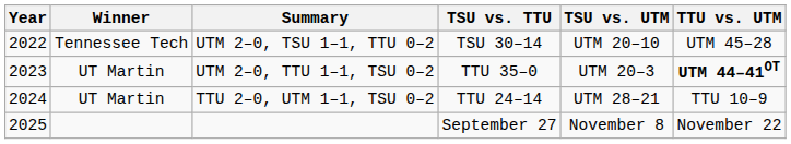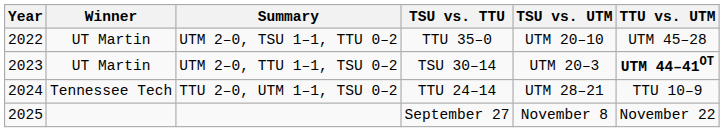 <table class="wikitable" style="text-align:center;">
 <tr>
 <th>Year</th>
 <th>Winner</th>
 <th>Summary</th>
 <th>TSU vs. TTU</th>
 <th>TSU vs. UTM</th>
 <th>TTU vs. UTM</th>
 </tr>
 <tr>
 <td>2022</td>
-<td>Tennessee Tech</td>
+<td>UT Martin</td>
 <td>UTM 2–0, TSU 1–1, TTU 0–2</td>
-<td>TSU 30–14</td>
+<td>TTU 35–0</td>
 <td>UTM 20–10</td>
 <td>UTM 45–28</td>
 </tr>
 <tr>
 <td>2023</td>
 <td>UT Martin</td>
 <td>UTM 2–0, TTU 1–1, TSU 0–2</td>
-<td>TTU 35–0</td>
+<td>TSU 30–14</td>
 <td>UTM 20–3</td>
 <td><strong>UTM 44–41<sup>OT</sup></strong></td>
 </tr>
 <tr>
 <td>2024</td>
-<td>UT Martin</td>
+<td>Tennessee Tech</td>
 <td>TTU 2–0, UTM 1–1, TSU 0–2</td>
 <td>TTU 24–14</td>
 <td>UTM 28–21</td>
 <td>TTU 10–9</td>
 </tr>
 <tr>
 <td>2025</td>
 <td></td>
 <td></td>
 <td>September 27</td>
 <td>November 8</td>
 <td>November 22</td>
 </tr>
 </table>
